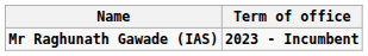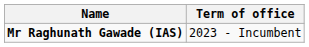 <table class="wikitable">
 <tr>
 <th>Name</th>
 <th>Term of office</th>
 </tr>
 <tr>
 <td><strong>Mr Raghunath Gawade (IAS)</strong></td>
-<td><strong>2023 - Incumbent</strong></td>
+<td>2023 - Incumbent</td>
 </tr>
 </table>
